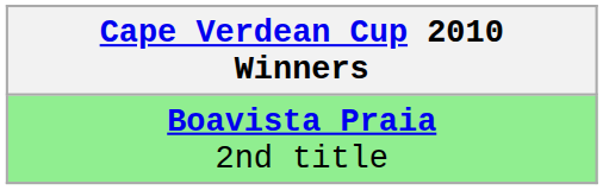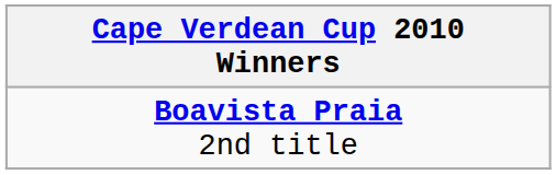 <table class="wikitable" style="margin: 0 auto; width: 240px;">
 <tr>
 <th><a href='#'>Cape Verdean Cup</a> 2010<br>Winners</th>
 </tr>
 <tr>
-<td align=center style="background: lightgreen;"><strong><a href='#'>Boavista Praia</a></strong><br>2nd title</td>
+<td align=center><strong><a href='#'>Boavista Praia</a></strong><br>2nd title</td>
 </tr>
 </table>
